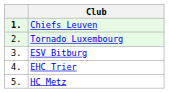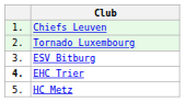 <table class="wikitable">
 <tr>
 <th width="30"></th>
 <th width="200">Club</th>
 </tr>
 <tr bgcolor="#e6fae6" align="center">
-<td><strong>1.</strong></td>
+<td>1.</td>
 <td align="left"> <a href='#'>Chiefs Leuven</a></td>
 </tr>
 <tr bgcolor="#e6fae6" align="center">
 <td>2.</td>
 <td align="left"> <a href='#'>Tornado Luxembourg</a></td>
 </tr>
 <tr bgcolor="#FFFFFF" align="center">
 <td>3.</td>
 <td align="left"> <a href='#'>ESV Bitburg</a></td>
 </tr>
 <tr bgcolor="#FFFFFF" align="center">
-<td>4.</td>
+<td><strong>4.</strong></td>
 <td align="left"> <a href='#'>EHC Trier</a></td>
 </tr>
 <tr bgcolor="#FFFFFF" align="center">
 <td>5.</td>
 <td align="left"> <a href='#'>HC Metz</a></td>
 </tr>
 </table>
